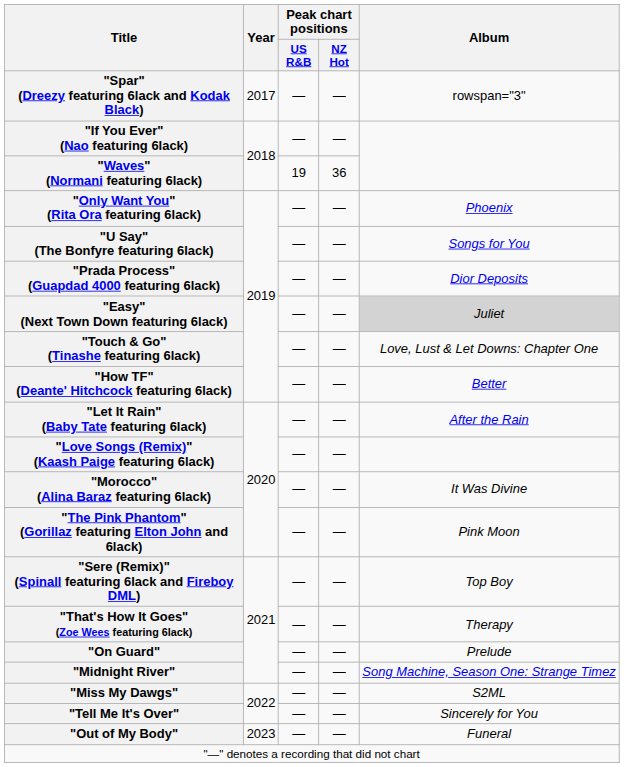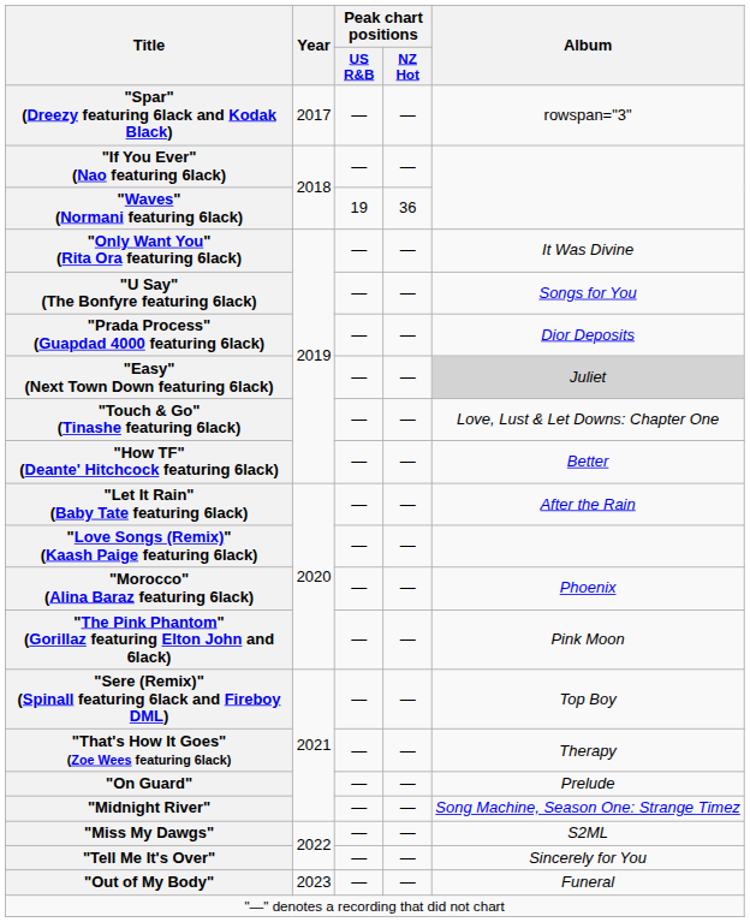 <table class="wikitable plainrowheaders" style="text-align:center;">
 <tr>
 <th scope="col" rowspan="2" style="width:18em;">Title</th>
 <th scope="col" rowspan="2">Year</th>
 <th scope="col" colspan="2">Peak chart positions</th>
 <th scope="col" rowspan="2">Album</th>
 </tr>
 <tr>
 <th scope="col" style="width:3em;font-size:90%;"><a href='#'>US<br>R&B</a><br></th>
 <th scope="col" style="width:3em;font-size:90%;"><a href='#'>NZ<br>Hot</a><br></th>
 </tr>
 <tr>
 <th scope="row">"Spar"<br><span>(<a href='#'>Dreezy</a> featuring 6lack and <a href='#'>Kodak Black</a>)</span></th>
 <td>2017</td>
 <td>—</td>
 <td>—</td>
 <td>rowspan="3" </td>
 </tr>
 <tr>
 <th scope="row">"If You Ever"<br><span>(<a href='#'>Nao</a> featuring 6lack)</span></th>
 <td rowspan="2">2018</td>
 <td>—</td>
 <td>—</td>
 </tr>
 <tr>
 <th scope="row">"<a href='#'>Waves</a>"<br><span>(<a href='#'>Normani</a> featuring 6lack)</span></th>
 <td>19</td>
 <td>36</td>
 </tr>
 <tr>
 <th scope="row">"<a href='#'>Only Want You</a>"<br><span>(<a href='#'>Rita Ora</a> featuring 6lack)</span></th>
 <td rowspan="6">2019</td>
 <td>—</td>
 <td>—</td>
-<td><em><a href='#'>Phoenix</a></em></td>
+<td><em>It Was Divine</em></td>
 </tr>
 <tr>
 <th scope="row">"U Say"<br><span>(The Bonfyre featuring 6lack)</span></th>
 <td>—</td>
 <td>—</td>
 <td><em><a href='#'>Songs for You</a></em></td>
 </tr>
 <tr>
 <th scope="row">"Prada Process"<br><span>(<a href='#'>Guapdad 4000</a> featuring 6lack)</span></th>
 <td>—</td>
 <td>—</td>
 <td><em><a href='#'>Dior Deposits</a></em></td>
 </tr>
 <tr>
 <th scope="row">"Easy"<br><span>(Next Town Down featuring 6lack)</span></th>
 <td>—</td>
 <td>—</td>
 <td style="background: lightgrey;"><em>Juliet</em></td>
 </tr>
 <tr>
 <th scope="row">"Touch & Go"<br><span>(<a href='#'>Tinashe</a> featuring 6lack)</span></th>
 <td>—</td>
 <td>—</td>
 <td><em>Love, Lust & Let Downs: Chapter One</em></td>
 </tr>
 <tr>
 <th scope="row">"How TF"<br><span>(<a href='#'>Deante' Hitchcock</a> featuring 6lack)</span></th>
 <td>—</td>
 <td>—</td>
 <td><em><a href='#'>Better</a></em></td>
 </tr>
 <tr>
 <th scope="row">"Let It Rain"<br><span>(<a href='#'>Baby Tate</a> featuring 6lack)</span></th>
 <td rowspan="4">2020</td>
 <td>—</td>
 <td>—</td>
 <td><em><a href='#'>After the Rain</a></em></td>
 </tr>
 <tr>
 <th scope="row">"<a href='#'>Love Songs (Remix)</a>"<br><span>(<a href='#'>Kaash Paige</a> featuring 6lack)</span></th>
 <td>—</td>
 <td>—</td>
 <td></td>
 </tr>
 <tr>
 <th scope="row">"Morocco"<br><span>(<a href='#'>Alina Baraz</a> featuring 6lack)</span></th>
 <td>—</td>
 <td>—</td>
-<td><em>It Was Divine</em></td>
+<td><em><a href='#'>Phoenix</a></em></td>
 </tr>
 <tr>
 <th scope="row">"<a href='#'>The Pink Phantom</a>"<br><span>(<a href='#'>Gorillaz</a> featuring <a href='#'>Elton John</a> and 6lack)</span></th>
 <td>—</td>
 <td>—</td>
 <td><em>Pink Moon</em></td>
 </tr>
 <tr>
 <th scope="row">"Sere (Remix)"<br><span>(<a href='#'>Spinall</a> featuring 6lack and <a href='#'>Fireboy DML</a>)</span></th>
 <td rowspan="4">2021</td>
 <td>—</td>
 <td>—</td>
 <td><em>Top Boy</em></td>
 </tr>
 <tr>
 <th scope="row">"That's How It Goes"<br><small>(<a href='#'>Zoe Wees</a> featuring 6lack)</small></th>
 <td>—</td>
 <td>—</td>
 <td><em>Therapy</em></td>
 </tr>
 <tr>
 <th scope="row">"On Guard"<br></th>
 <td>—</td>
 <td>—</td>
 <td><em>Prelude</em></td>
 </tr>
 <tr>
 <th scope="row">"Midnight River"<br></th>
 <td>—</td>
 <td>—</td>
 <td><em><a href='#'>Song Machine, Season One: Strange Timez</a></em></td>
 </tr>
 <tr>
 <th scope="row">"Miss My Dawgs"<br></th>
 <td rowspan="2">2022</td>
 <td>—</td>
 <td>—</td>
 <td><em>S2ML</em></td>
 </tr>
 <tr>
 <th scope="row">"Tell Me It's Over"<br></th>
 <td>—</td>
 <td>—</td>
 <td><em>Sincerely for You</em></td>
 </tr>
 <tr>
 <th scope="row">"Out of My Body"<br></th>
 <td>2023</td>
 <td>—</td>
 <td>—</td>
 <td><em>Funeral</em></td>
 </tr>
 <tr>
 <td colspan="8" style="font-size:90%">"—" denotes a recording that did not chart</td>
 </tr>
 </table>
